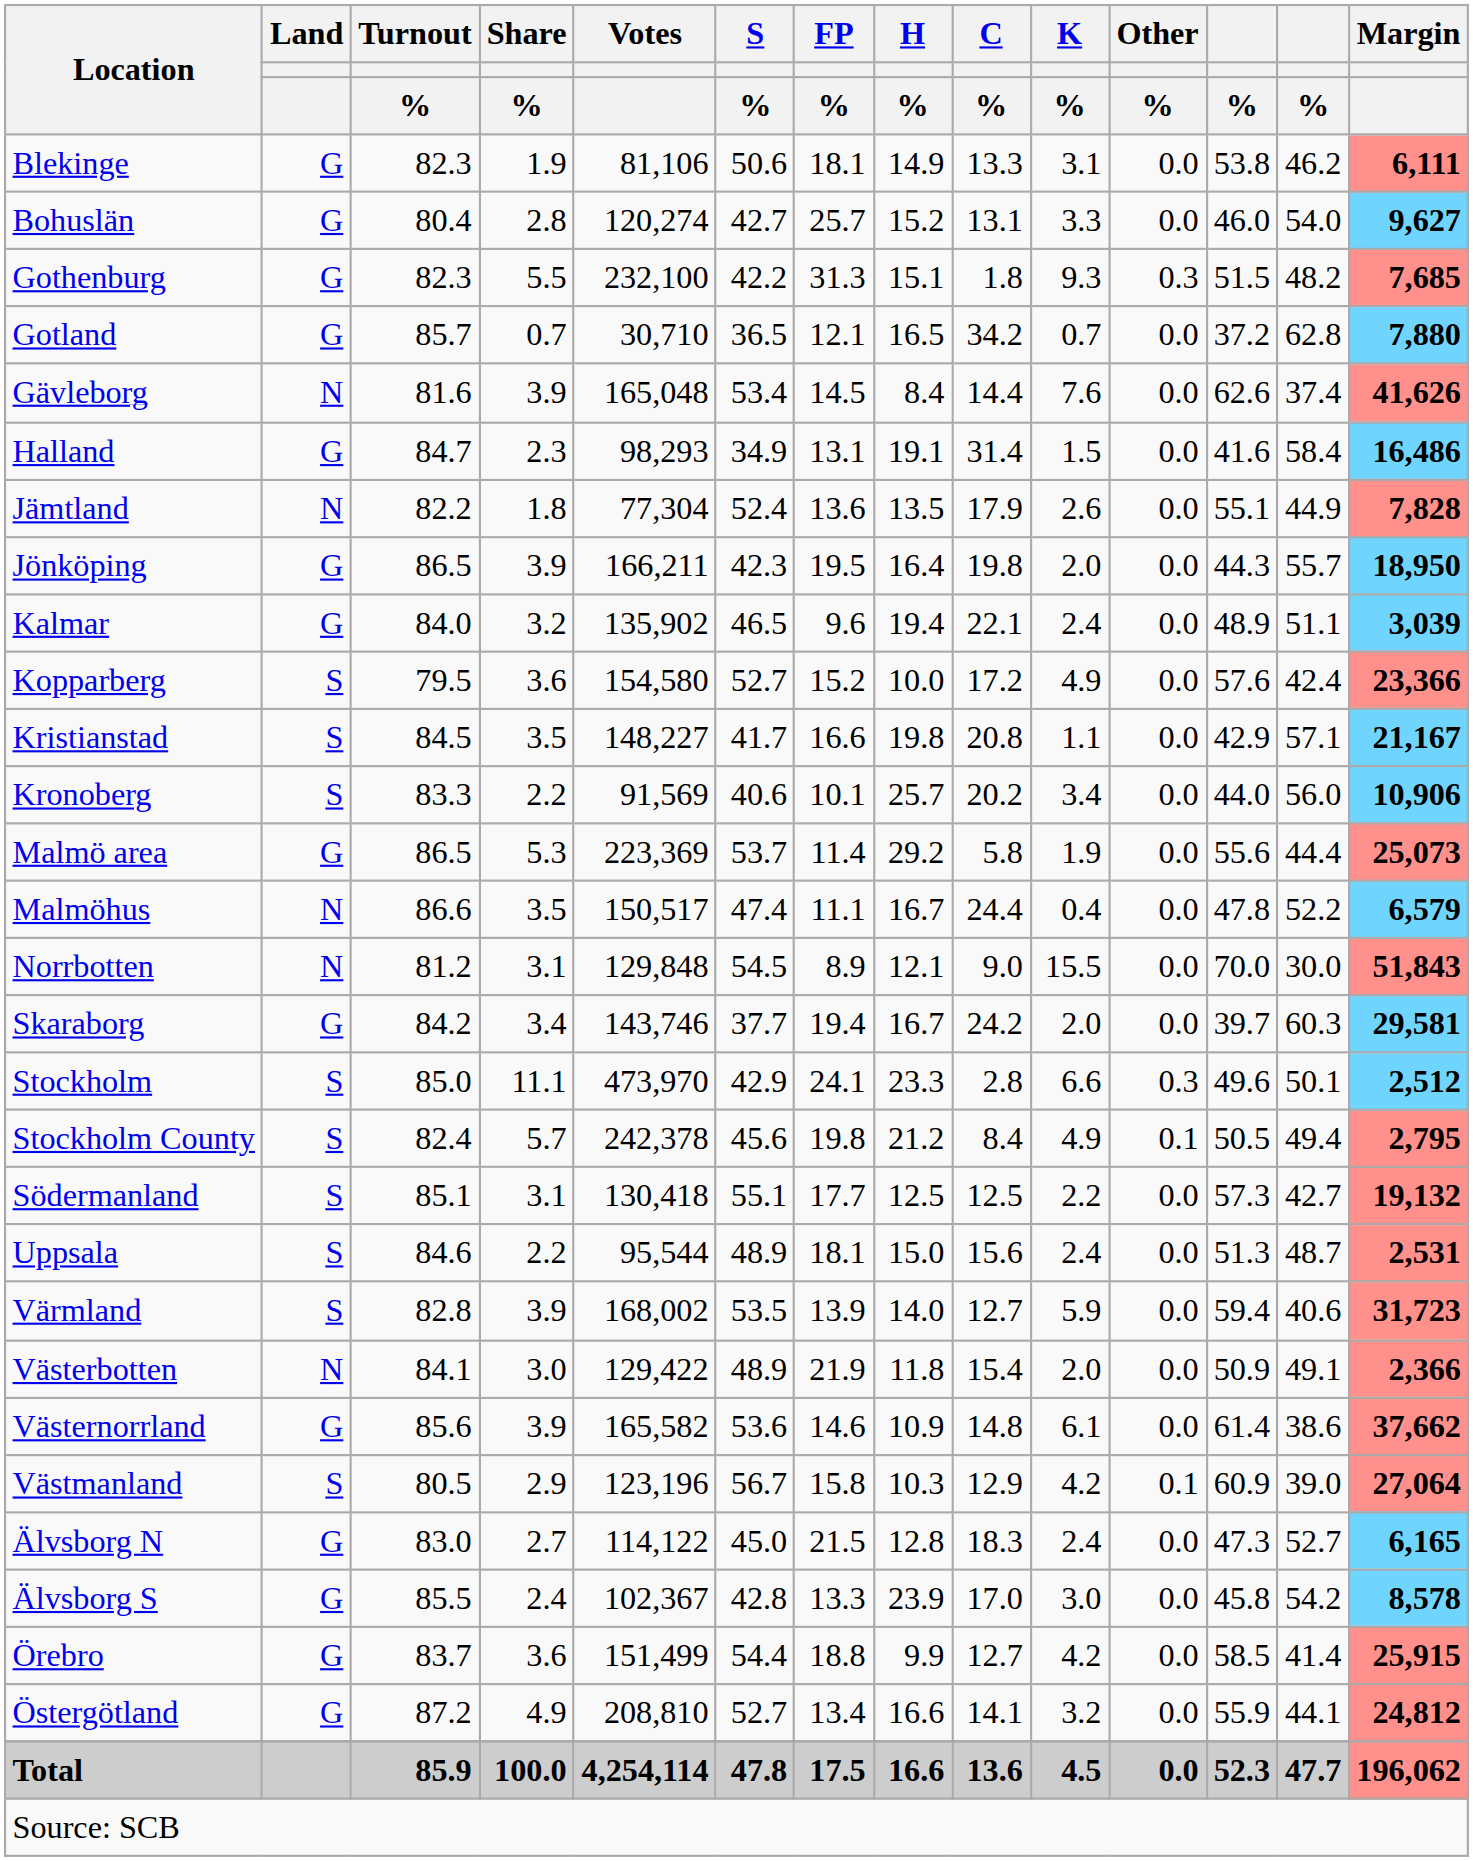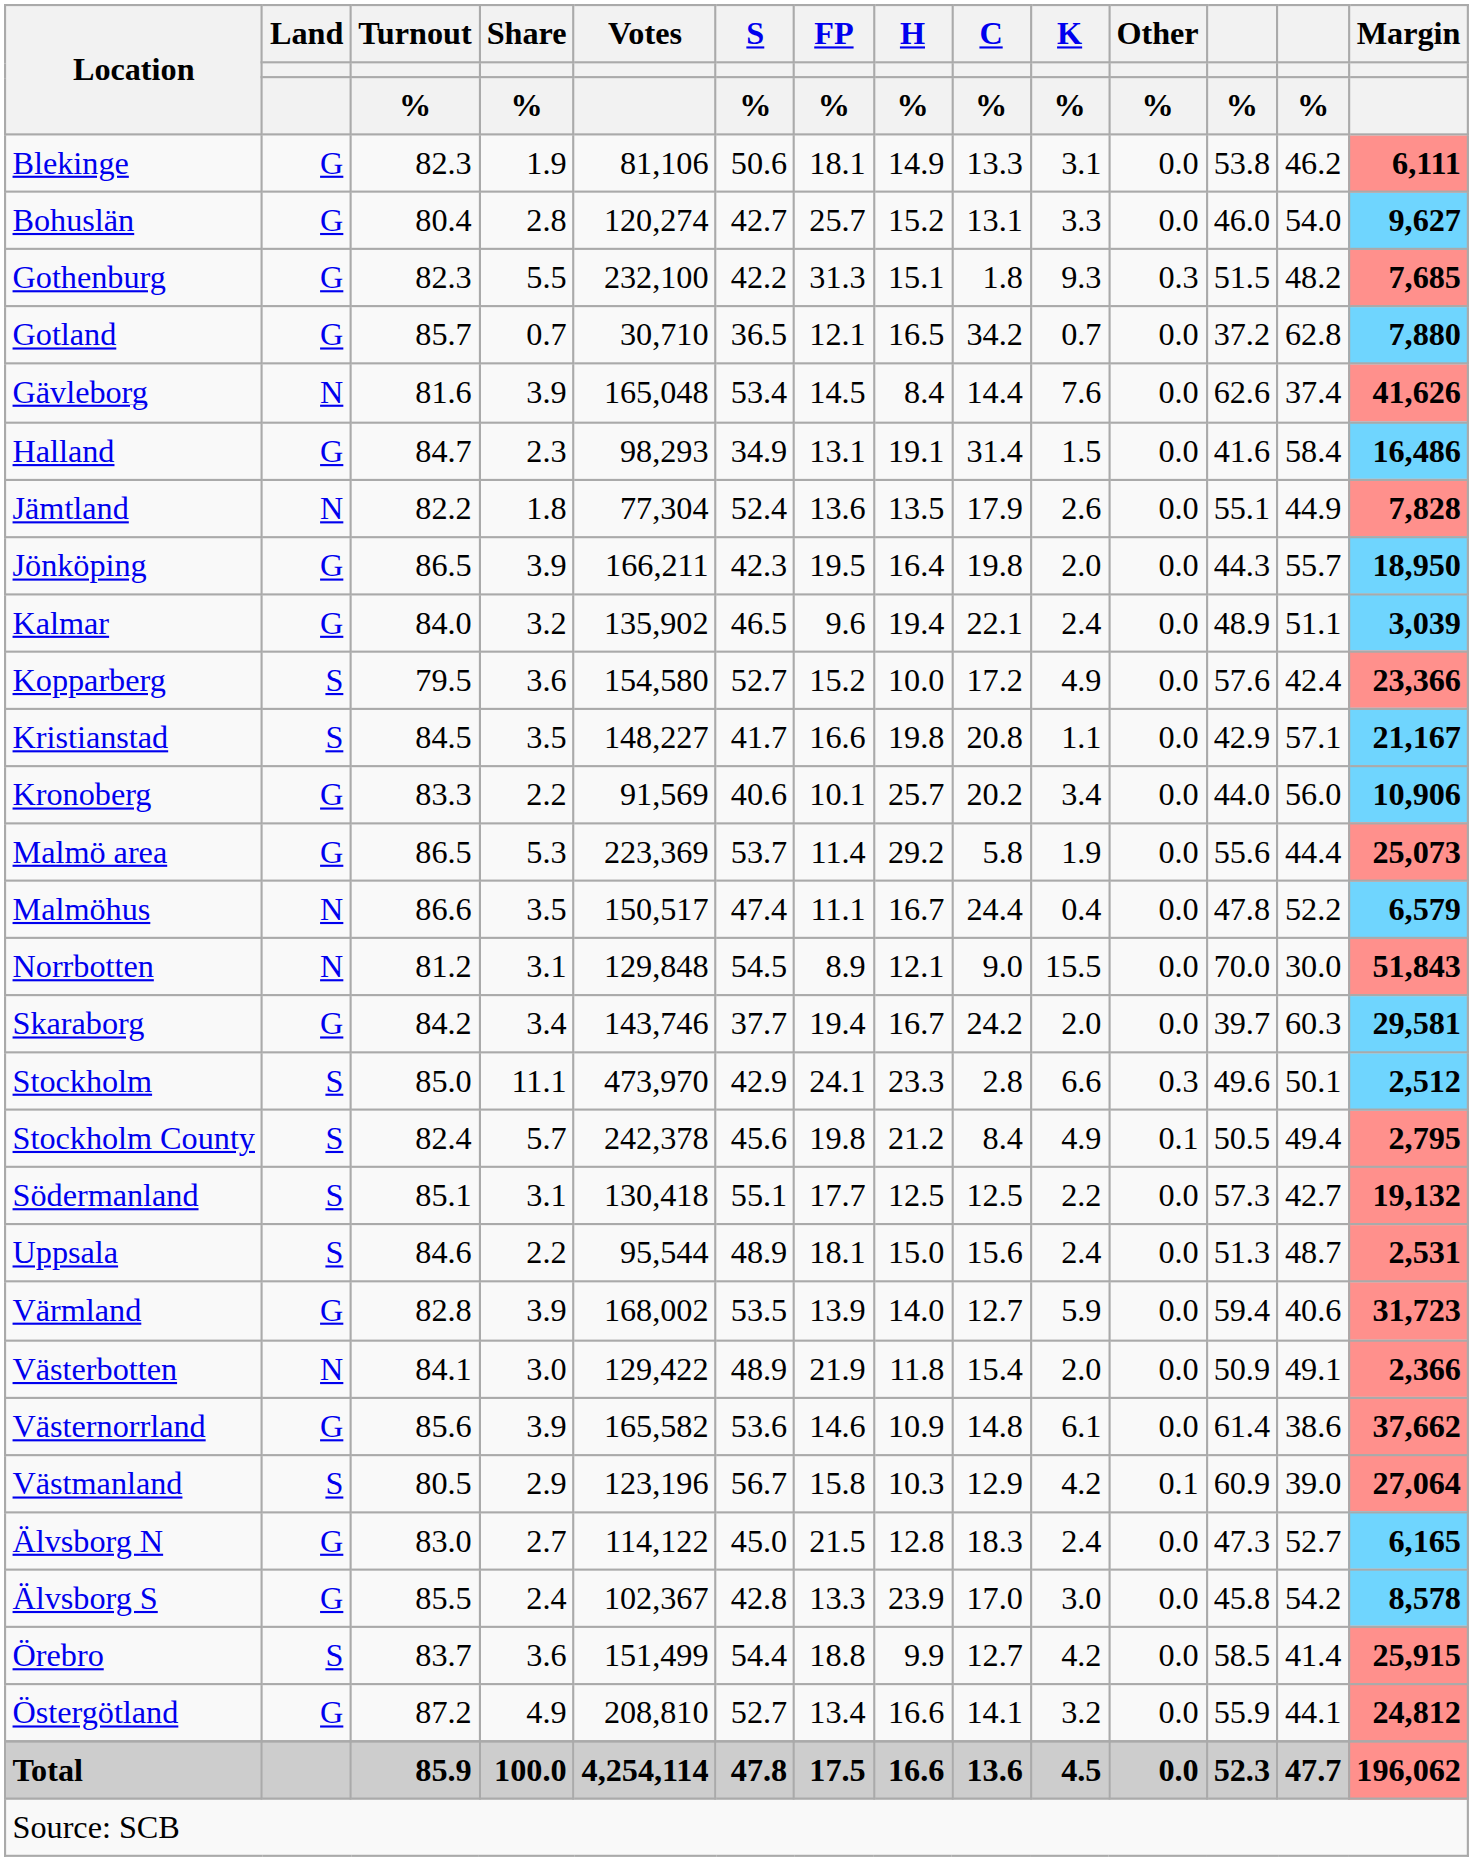 <table class="wikitable sortable" style="text-align:right; font-size:95%; line-height:20px;">
 <tr>
 <th rowspan="3">Location</th>
 <th>Land</th>
 <th>Turnout</th>
 <th>Share</th>
 <th>Votes</th>
 <th width="30px" class="unsortable"><a href='#'>S</a></th>
 <th width="30px" class="unsortable"><a href='#'>FP</a></th>
 <th width="30px" class="unsortable"><a href='#'>H</a></th>
 <th width="30px" class="unsortable"><a href='#'>C</a></th>
 <th width="30px" class="unsortable"><a href='#'>K</a></th>
 <th width="30px" class="unsortable">Other</th>
 <th></th>
 <th></th>
 <th>Margin</th>
 </tr>
 <tr>
 <th></th>
 <th></th>
 <th></th>
 <th></th>
 <th style="background:"></th>
 <th style="background:"></th>
 <th style="background:"></th>
 <th style="background:"></th>
 <th style="background:"></th>
 <th style="background:"></th>
 <th style="background:"></th>
 <th style="background:"></th>
 <th></th>
 </tr>
 <tr>
 <th></th>
 <th data-sort-type="number">%</th>
 <th data-sort-type="number">%</th>
 <th></th>
 <th data-sort-type="number">%</th>
 <th data-sort-type="number">%</th>
 <th data-sort-type="number">%</th>
 <th data-sort-type="number">%</th>
 <th data-sort-type="number">%</th>
 <th data-sort-type="number">%</th>
 <th data-sort-type="number">%</th>
 <th data-sort-type="number">%</th>
 <th></th>
 </tr>
 <tr>
 <td align=left><a href='#'>Blekinge</a></td>
 <td><a href='#'>G</a></td>
 <td>82.3</td>
 <td>1.9</td>
 <td>81,106</td>
 <td>50.6</td>
 <td>18.1</td>
 <td>14.9</td>
 <td>13.3</td>
 <td>3.1</td>
 <td>0.0</td>
 <td>53.8</td>
 <td>46.2</td>
 <td bgcolor=#ff908c><strong>6,111</strong></td>
 </tr>
 <tr>
 <td align=left><a href='#'>Bohuslän</a></td>
 <td><a href='#'>G</a></td>
 <td>80.4</td>
 <td>2.8</td>
 <td>120,274</td>
 <td>42.7</td>
 <td>25.7</td>
 <td>15.2</td>
 <td>13.1</td>
 <td>3.3</td>
 <td>0.0</td>
 <td>46.0</td>
 <td>54.0</td>
 <td bgcolor=#6fd5fe><strong>9,627</strong></td>
 </tr>
 <tr>
 <td align=left><a href='#'>Gothenburg</a></td>
 <td><a href='#'>G</a></td>
 <td>82.3</td>
 <td>5.5</td>
 <td>232,100</td>
 <td>42.2</td>
 <td>31.3</td>
 <td>15.1</td>
 <td>1.8</td>
 <td>9.3</td>
 <td>0.3</td>
 <td>51.5</td>
 <td>48.2</td>
 <td bgcolor=#ff908c><strong>7,685</strong></td>
 </tr>
 <tr>
 <td align=left><a href='#'>Gotland</a></td>
 <td><a href='#'>G</a></td>
 <td>85.7</td>
 <td>0.7</td>
 <td>30,710</td>
 <td>36.5</td>
 <td>12.1</td>
 <td>16.5</td>
 <td>34.2</td>
 <td>0.7</td>
 <td>0.0</td>
 <td>37.2</td>
 <td>62.8</td>
 <td bgcolor=#6fd5fe><strong>7,880</strong></td>
 </tr>
 <tr>
 <td align=left><a href='#'>Gävleborg</a></td>
 <td><a href='#'>N</a></td>
 <td>81.6</td>
 <td>3.9</td>
 <td>165,048</td>
 <td>53.4</td>
 <td>14.5</td>
 <td>8.4</td>
 <td>14.4</td>
 <td>7.6</td>
 <td>0.0</td>
 <td>62.6</td>
 <td>37.4</td>
 <td bgcolor=#ff908c><strong>41,626</strong></td>
 </tr>
 <tr>
 <td align=left><a href='#'>Halland</a></td>
 <td><a href='#'>G</a></td>
 <td>84.7</td>
 <td>2.3</td>
 <td>98,293</td>
 <td>34.9</td>
 <td>13.1</td>
 <td>19.1</td>
 <td>31.4</td>
 <td>1.5</td>
 <td>0.0</td>
 <td>41.6</td>
 <td>58.4</td>
 <td bgcolor=#6fd5fe><strong>16,486</strong></td>
 </tr>
 <tr>
 <td align=left><a href='#'>Jämtland</a></td>
 <td><a href='#'>N</a></td>
 <td>82.2</td>
 <td>1.8</td>
 <td>77,304</td>
 <td>52.4</td>
 <td>13.6</td>
 <td>13.5</td>
 <td>17.9</td>
 <td>2.6</td>
 <td>0.0</td>
 <td>55.1</td>
 <td>44.9</td>
 <td bgcolor=#ff908c><strong>7,828</strong></td>
 </tr>
 <tr>
 <td align=left><a href='#'>Jönköping</a></td>
 <td><a href='#'>G</a></td>
 <td>86.5</td>
 <td>3.9</td>
 <td>166,211</td>
 <td>42.3</td>
 <td>19.5</td>
 <td>16.4</td>
 <td>19.8</td>
 <td>2.0</td>
 <td>0.0</td>
 <td>44.3</td>
 <td>55.7</td>
 <td bgcolor=#6fd5fe><strong>18,950</strong></td>
 </tr>
 <tr>
 <td align=left><a href='#'>Kalmar</a></td>
 <td><a href='#'>G</a></td>
 <td>84.0</td>
 <td>3.2</td>
 <td>135,902</td>
 <td>46.5</td>
 <td>9.6</td>
 <td>19.4</td>
 <td>22.1</td>
 <td>2.4</td>
 <td>0.0</td>
 <td>48.9</td>
 <td>51.1</td>
 <td bgcolor=#6fd5fe><strong>3,039</strong></td>
 </tr>
 <tr>
 <td align=left><a href='#'>Kopparberg</a></td>
 <td><a href='#'>S</a></td>
 <td>79.5</td>
 <td>3.6</td>
 <td>154,580</td>
 <td>52.7</td>
 <td>15.2</td>
 <td>10.0</td>
 <td>17.2</td>
 <td>4.9</td>
 <td>0.0</td>
 <td>57.6</td>
 <td>42.4</td>
 <td bgcolor=#ff908c><strong>23,366</strong></td>
 </tr>
 <tr>
 <td align=left><a href='#'>Kristianstad</a></td>
 <td><a href='#'>S</a></td>
 <td>84.5</td>
 <td>3.5</td>
 <td>148,227</td>
 <td>41.7</td>
 <td>16.6</td>
 <td>19.8</td>
 <td>20.8</td>
 <td>1.1</td>
 <td>0.0</td>
 <td>42.9</td>
 <td>57.1</td>
 <td bgcolor=#6fd5fe><strong>21,167</strong></td>
 </tr>
 <tr>
 <td align=left><a href='#'>Kronoberg</a></td>
-<td><a href='#'>S</a></td>
+<td><a href='#'>G</a></td>
 <td>83.3</td>
 <td>2.2</td>
 <td>91,569</td>
 <td>40.6</td>
 <td>10.1</td>
 <td>25.7</td>
 <td>20.2</td>
 <td>3.4</td>
 <td>0.0</td>
 <td>44.0</td>
 <td>56.0</td>
 <td bgcolor=#6fd5fe><strong>10,906</strong></td>
 </tr>
 <tr>
 <td align=left><a href='#'>Malmö area</a></td>
 <td><a href='#'>G</a></td>
 <td>86.5</td>
 <td>5.3</td>
 <td>223,369</td>
 <td>53.7</td>
 <td>11.4</td>
 <td>29.2</td>
 <td>5.8</td>
 <td>1.9</td>
 <td>0.0</td>
 <td>55.6</td>
 <td>44.4</td>
 <td bgcolor=#ff908c><strong>25,073</strong></td>
 </tr>
 <tr>
 <td align=left><a href='#'>Malmöhus</a></td>
 <td><a href='#'>N</a></td>
 <td>86.6</td>
 <td>3.5</td>
 <td>150,517</td>
 <td>47.4</td>
 <td>11.1</td>
 <td>16.7</td>
 <td>24.4</td>
 <td>0.4</td>
 <td>0.0</td>
 <td>47.8</td>
 <td>52.2</td>
 <td bgcolor=#6fd5fe><strong>6,579</strong></td>
 </tr>
 <tr>
 <td align=left><a href='#'>Norrbotten</a></td>
 <td><a href='#'>N</a></td>
 <td>81.2</td>
 <td>3.1</td>
 <td>129,848</td>
 <td>54.5</td>
 <td>8.9</td>
 <td>12.1</td>
 <td>9.0</td>
 <td>15.5</td>
 <td>0.0</td>
 <td>70.0</td>
 <td>30.0</td>
 <td bgcolor=#ff908c><strong>51,843</strong></td>
 </tr>
 <tr>
 <td align=left><a href='#'>Skaraborg</a></td>
 <td><a href='#'>G</a></td>
 <td>84.2</td>
 <td>3.4</td>
 <td>143,746</td>
 <td>37.7</td>
 <td>19.4</td>
 <td>16.7</td>
 <td>24.2</td>
 <td>2.0</td>
 <td>0.0</td>
 <td>39.7</td>
 <td>60.3</td>
 <td bgcolor=#6fd5fe><strong>29,581</strong></td>
 </tr>
 <tr>
 <td align=left><a href='#'>Stockholm</a></td>
 <td><a href='#'>S</a></td>
 <td>85.0</td>
 <td>11.1</td>
 <td>473,970</td>
 <td>42.9</td>
 <td>24.1</td>
 <td>23.3</td>
 <td>2.8</td>
 <td>6.6</td>
 <td>0.3</td>
 <td>49.6</td>
 <td>50.1</td>
 <td bgcolor=#6fd5fe><strong>2,512</strong></td>
 </tr>
 <tr>
 <td align=left><a href='#'>Stockholm County</a></td>
 <td><a href='#'>S</a></td>
 <td>82.4</td>
 <td>5.7</td>
 <td>242,378</td>
 <td>45.6</td>
 <td>19.8</td>
 <td>21.2</td>
 <td>8.4</td>
 <td>4.9</td>
 <td>0.1</td>
 <td>50.5</td>
 <td>49.4</td>
 <td bgcolor=#ff908c><strong>2,795</strong></td>
 </tr>
 <tr>
 <td align=left><a href='#'>Södermanland</a></td>
 <td><a href='#'>S</a></td>
 <td>85.1</td>
 <td>3.1</td>
 <td>130,418</td>
 <td>55.1</td>
 <td>17.7</td>
 <td>12.5</td>
 <td>12.5</td>
 <td>2.2</td>
 <td>0.0</td>
 <td>57.3</td>
 <td>42.7</td>
 <td bgcolor=#ff908c><strong>19,132</strong></td>
 </tr>
 <tr>
 <td align=left><a href='#'>Uppsala</a></td>
 <td><a href='#'>S</a></td>
 <td>84.6</td>
 <td>2.2</td>
 <td>95,544</td>
 <td>48.9</td>
 <td>18.1</td>
 <td>15.0</td>
 <td>15.6</td>
 <td>2.4</td>
 <td>0.0</td>
 <td>51.3</td>
 <td>48.7</td>
 <td bgcolor=#ff908c><strong>2,531</strong></td>
 </tr>
 <tr>
 <td align=left><a href='#'>Värmland</a></td>
-<td><a href='#'>S</a></td>
+<td><a href='#'>G</a></td>
 <td>82.8</td>
 <td>3.9</td>
 <td>168,002</td>
 <td>53.5</td>
 <td>13.9</td>
 <td>14.0</td>
 <td>12.7</td>
 <td>5.9</td>
 <td>0.0</td>
 <td>59.4</td>
 <td>40.6</td>
 <td bgcolor=#ff908c><strong>31,723</strong></td>
 </tr>
 <tr>
 <td align=left><a href='#'>Västerbotten</a></td>
 <td><a href='#'>N</a></td>
 <td>84.1</td>
 <td>3.0</td>
 <td>129,422</td>
 <td>48.9</td>
 <td>21.9</td>
 <td>11.8</td>
 <td>15.4</td>
 <td>2.0</td>
 <td>0.0</td>
 <td>50.9</td>
 <td>49.1</td>
 <td bgcolor=#ff908c><strong>2,366</strong></td>
 </tr>
 <tr>
 <td align=left><a href='#'>Västernorrland</a></td>
 <td><a href='#'>G</a></td>
 <td>85.6</td>
 <td>3.9</td>
 <td>165,582</td>
 <td>53.6</td>
 <td>14.6</td>
 <td>10.9</td>
 <td>14.8</td>
 <td>6.1</td>
 <td>0.0</td>
 <td>61.4</td>
 <td>38.6</td>
 <td bgcolor=#ff908c><strong>37,662</strong></td>
 </tr>
 <tr>
 <td align=left><a href='#'>Västmanland</a></td>
 <td><a href='#'>S</a></td>
 <td>80.5</td>
 <td>2.9</td>
 <td>123,196</td>
 <td>56.7</td>
 <td>15.8</td>
 <td>10.3</td>
 <td>12.9</td>
 <td>4.2</td>
 <td>0.1</td>
 <td>60.9</td>
 <td>39.0</td>
 <td bgcolor=#ff908c><strong>27,064</strong></td>
 </tr>
 <tr>
 <td align=left><a href='#'>Älvsborg N</a></td>
 <td><a href='#'>G</a></td>
 <td>83.0</td>
 <td>2.7</td>
 <td>114,122</td>
 <td>45.0</td>
 <td>21.5</td>
 <td>12.8</td>
 <td>18.3</td>
 <td>2.4</td>
 <td>0.0</td>
 <td>47.3</td>
 <td>52.7</td>
 <td bgcolor=#6fd5fe><strong>6,165</strong></td>
 </tr>
 <tr>
 <td align=left><a href='#'>Älvsborg S</a></td>
 <td><a href='#'>G</a></td>
 <td>85.5</td>
 <td>2.4</td>
 <td>102,367</td>
 <td>42.8</td>
 <td>13.3</td>
 <td>23.9</td>
 <td>17.0</td>
 <td>3.0</td>
 <td>0.0</td>
 <td>45.8</td>
 <td>54.2</td>
 <td bgcolor=#6fd5fe><strong>8,578</strong></td>
 </tr>
 <tr>
 <td align=left><a href='#'>Örebro</a></td>
-<td><a href='#'>G</a></td>
+<td><a href='#'>S</a></td>
 <td>83.7</td>
 <td>3.6</td>
 <td>151,499</td>
 <td>54.4</td>
 <td>18.8</td>
 <td>9.9</td>
 <td>12.7</td>
 <td>4.2</td>
 <td>0.0</td>
 <td>58.5</td>
 <td>41.4</td>
 <td bgcolor=#ff908c><strong>25,915</strong></td>
 </tr>
 <tr>
 <td align=left><a href='#'>Östergötland</a></td>
 <td><a href='#'>G</a></td>
 <td>87.2</td>
 <td>4.9</td>
 <td>208,810</td>
 <td>52.7</td>
 <td>13.4</td>
 <td>16.6</td>
 <td>14.1</td>
 <td>3.2</td>
 <td>0.0</td>
 <td>55.9</td>
 <td>44.1</td>
 <td bgcolor=#ff908c><strong>24,812</strong></td>
 </tr>
 <tr>
 </tr>
 <tr style="background:#CDCDCD;">
 <td align=left><strong>Total</strong></td>
 <td></td>
 <td><strong>85.9</strong></td>
 <td><strong>100.0</strong></td>
 <td><strong>4,254,114</strong></td>
 <td><strong>47.8</strong></td>
 <td><strong>17.5</strong></td>
 <td><strong>16.6</strong></td>
 <td><strong>13.6</strong></td>
 <td><strong>4.5</strong></td>
 <td><strong>0.0</strong></td>
 <td><strong>52.3</strong></td>
 <td><strong>47.7</strong></td>
 <td bgcolor=#ff908c><strong>196,062</strong></td>
 </tr>
 <tr>
 <td align=left colspan=14>Source: SCB </td>
 </tr>
 </table>
